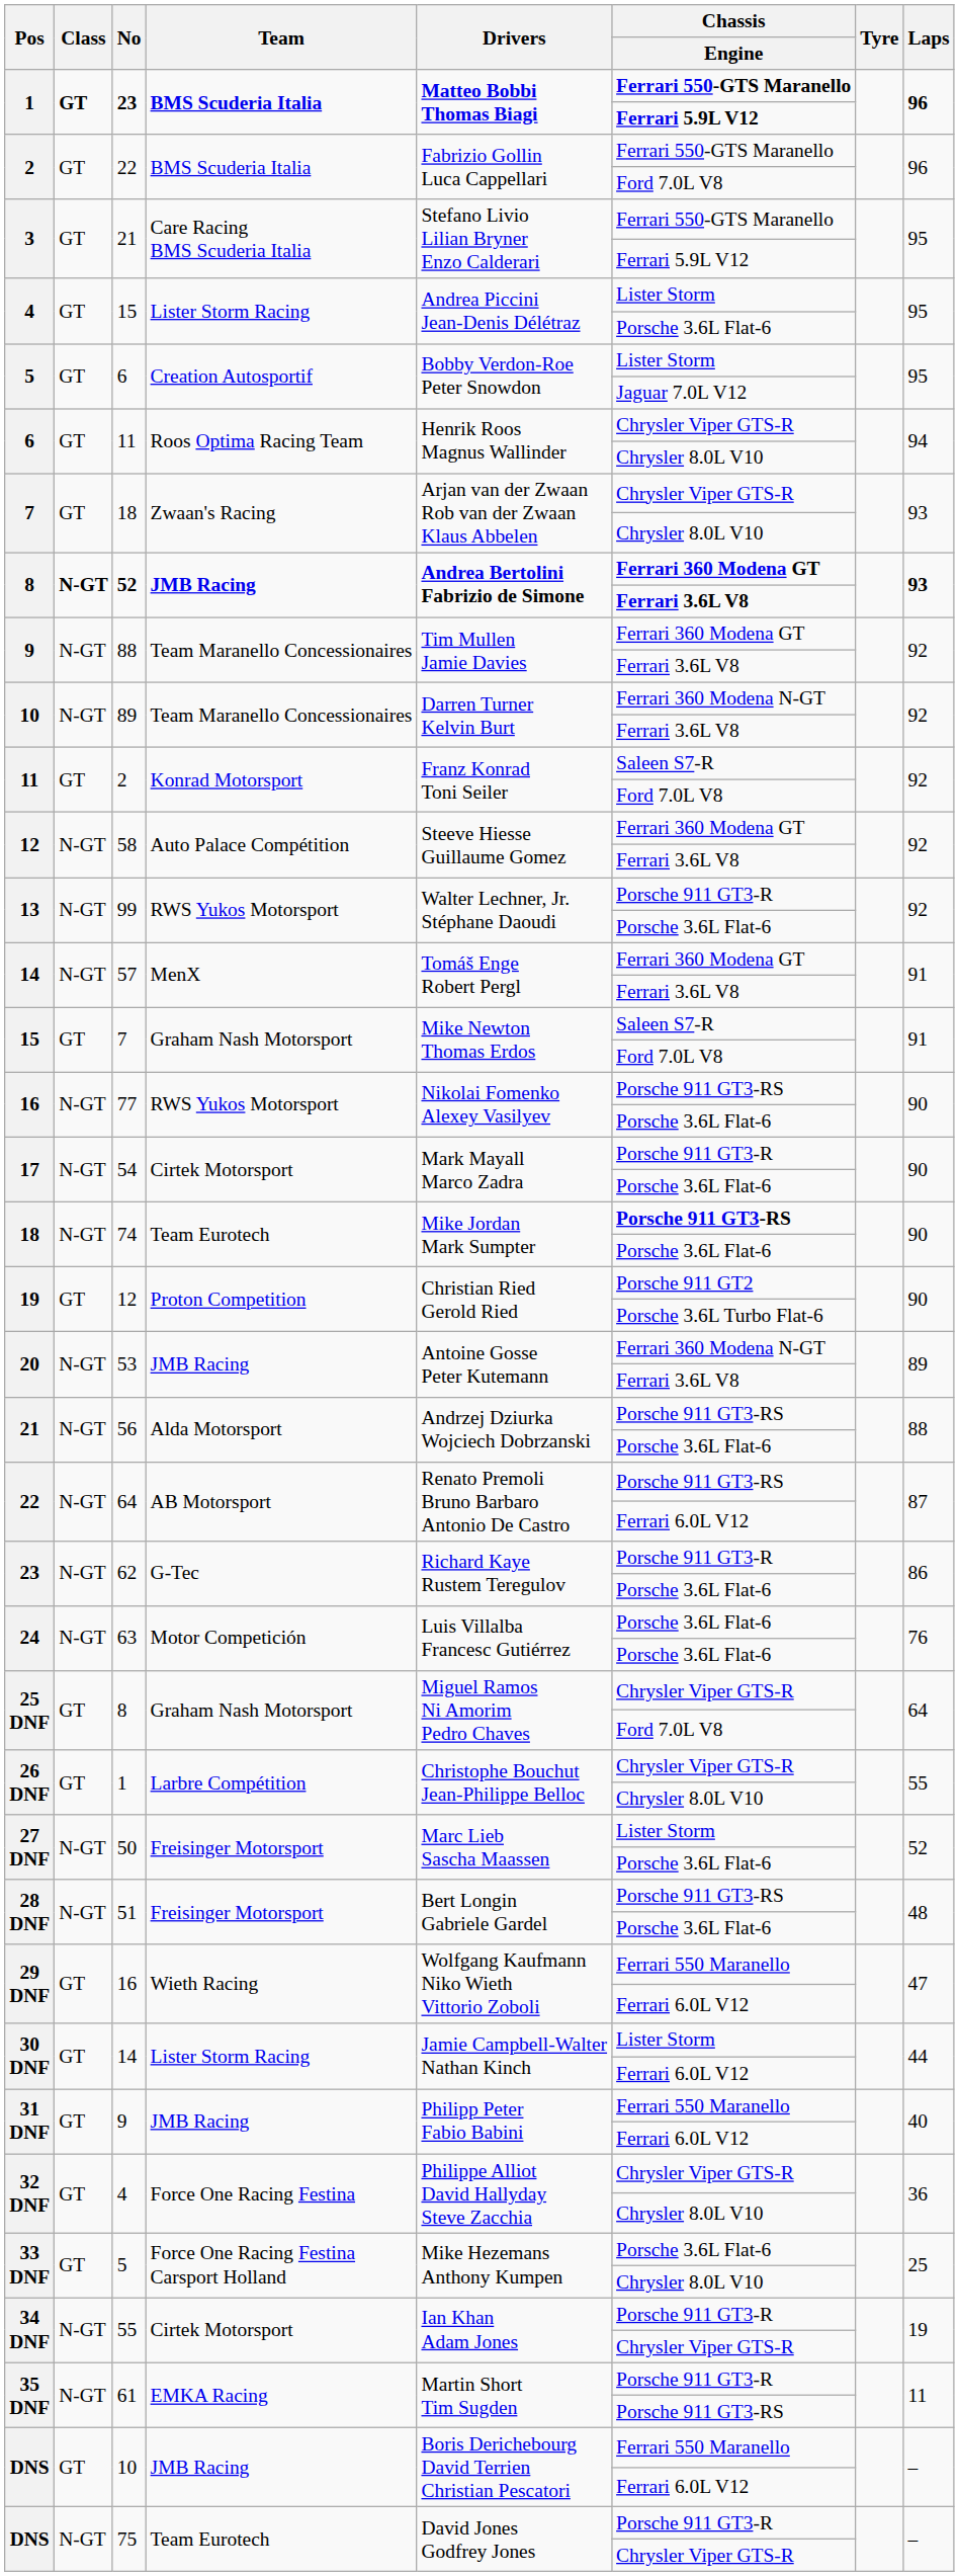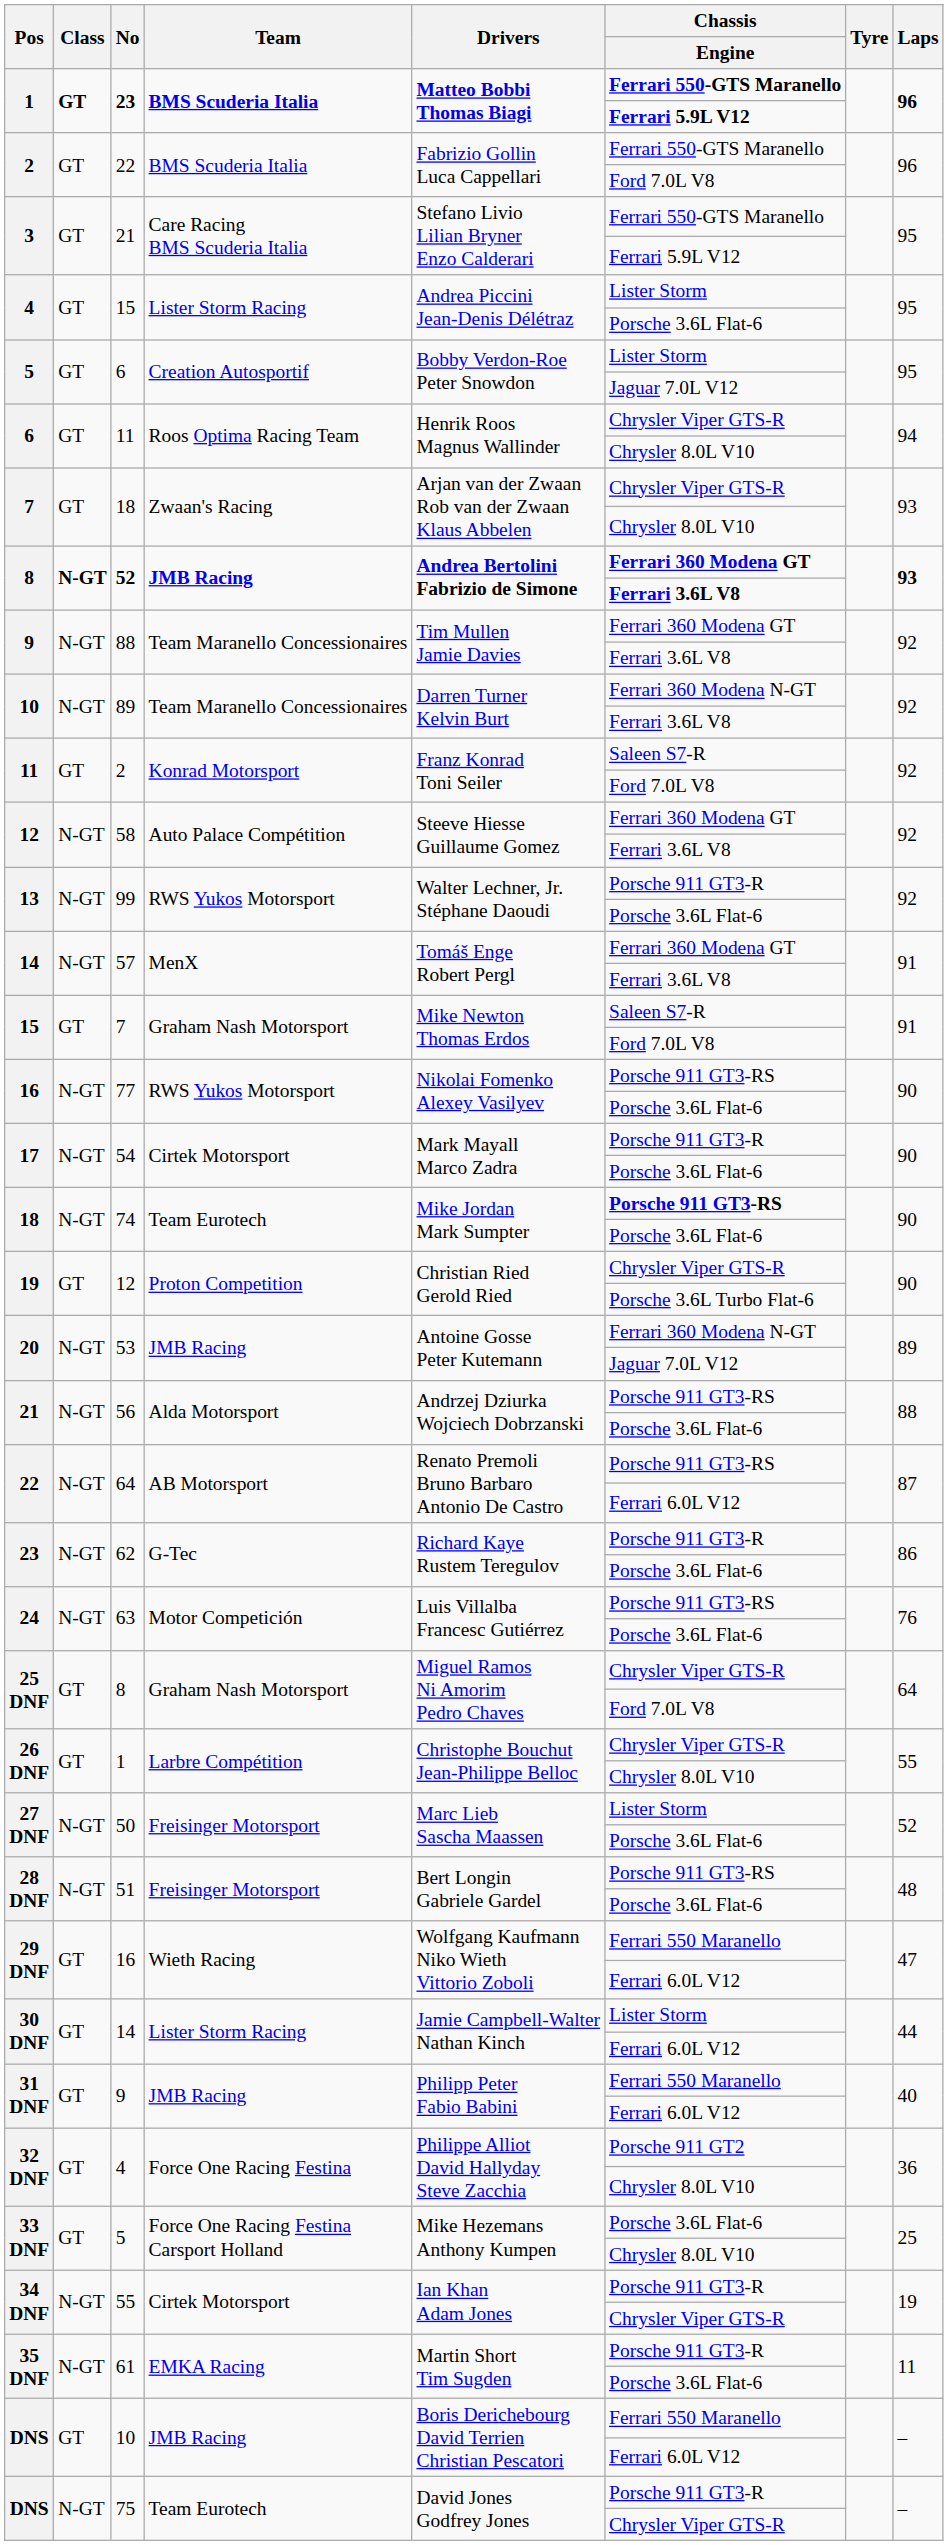 <table class="wikitable" style="font-size: 95%;">
 <tr>
 <th rowspan=2>Pos</th>
 <th rowspan=2>Class</th>
 <th rowspan=2>No</th>
 <th rowspan=2>Team</th>
 <th rowspan=2>Drivers</th>
 <th>Chassis</th>
 <th rowspan=2>Tyre</th>
 <th rowspan=2>Laps</th>
 </tr>
 <tr>
 <th>Engine</th>
 </tr>
 <tr style="font-weight:bold">
 <th rowspan=2>1</th>
 <td rowspan=2>GT</td>
 <td rowspan=2>23</td>
 <td rowspan=2> <a href='#'>BMS Scuderia Italia</a></td>
 <td rowspan=2> <a href='#'>Matteo Bobbi</a><br> <a href='#'>Thomas Biagi</a></td>
 <td><a href='#'>Ferrari 550</a>-GTS Maranello</td>
 <td rowspan=2></td>
 <td rowspan=2>96</td>
 </tr>
 <tr style="font-weight:bold">
 <td><a href='#'>Ferrari</a> 5.9L V12</td>
 </tr>
 <tr>
 <th rowspan=2>2</th>
 <td rowspan=2>GT</td>
 <td rowspan=2>22</td>
 <td rowspan=2> <a href='#'>BMS Scuderia Italia</a></td>
 <td rowspan=2> <a href='#'>Fabrizio Gollin</a><br> Luca Cappellari</td>
 <td><a href='#'>Ferrari 550</a>-GTS Maranello</td>
 <td rowspan=2></td>
 <td rowspan=2>96</td>
 </tr>
 <tr>
 <td><a href='#'>Ford</a> 7.0L V8</td>
 </tr>
 <tr>
 <th rowspan=2>3</th>
 <td rowspan=2>GT</td>
 <td rowspan=2>21</td>
 <td rowspan=2> Care Racing<br> <a href='#'>BMS Scuderia Italia</a></td>
 <td rowspan=2> Stefano Livio<br> <a href='#'>Lilian Bryner</a><br> <a href='#'>Enzo Calderari</a></td>
 <td><a href='#'>Ferrari 550</a>-GTS Maranello</td>
 <td rowspan=2></td>
 <td rowspan=2>95</td>
 </tr>
 <tr>
 <td><a href='#'>Ferrari</a> 5.9L V12</td>
 </tr>
 <tr>
 <th rowspan=2>4</th>
 <td rowspan=2>GT</td>
 <td rowspan=2>15</td>
 <td rowspan=2> <a href='#'>Lister Storm Racing</a></td>
 <td rowspan=2> <a href='#'>Andrea Piccini</a><br> <a href='#'>Jean-Denis Délétraz</a></td>
 <td><a href='#'>Lister Storm</a></td>
 <td rowspan=2></td>
 <td rowspan=2>95</td>
 </tr>
 <tr>
 <td><a href='#'>Porsche</a> 3.6L Flat-6</td>
 </tr>
 <tr>
 <th rowspan=2>5</th>
 <td rowspan=2>GT</td>
 <td rowspan=2>6</td>
 <td rowspan=2> <a href='#'>Creation Autosportif</a></td>
 <td rowspan=2> <a href='#'>Bobby Verdon-Roe</a><br> Peter Snowdon</td>
 <td><a href='#'>Lister Storm</a></td>
 <td rowspan=2></td>
 <td rowspan=2>95</td>
 </tr>
 <tr>
 <td><a href='#'>Jaguar</a> 7.0L V12</td>
 </tr>
 <tr>
 <th rowspan=2>6</th>
 <td rowspan=2>GT</td>
 <td rowspan=2>11</td>
 <td rowspan=2> Roos <a href='#'>Optima</a> Racing Team</td>
 <td rowspan=2> Henrik Roos<br> Magnus Wallinder</td>
 <td><a href='#'>Chrysler Viper GTS-R</a></td>
 <td rowspan=2></td>
 <td rowspan=2>94</td>
 </tr>
 <tr>
 <td><a href='#'>Chrysler</a> 8.0L V10</td>
 </tr>
 <tr>
 <th rowspan=2>7</th>
 <td rowspan=2>GT</td>
 <td rowspan=2>18</td>
 <td rowspan=2> Zwaan's Racing</td>
 <td rowspan=2> Arjan van der Zwaan<br> Rob van der Zwaan<br> <a href='#'>Klaus Abbelen</a></td>
 <td><a href='#'>Chrysler Viper GTS-R</a></td>
 <td rowspan=2></td>
 <td rowspan=2>93</td>
 </tr>
 <tr>
 <td><a href='#'>Chrysler</a> 8.0L V10</td>
 </tr>
 <tr style="font-weight:bold">
 <th rowspan=2>8</th>
 <td rowspan=2>N-GT</td>
 <td rowspan=2>52</td>
 <td rowspan=2> <a href='#'>JMB Racing</a></td>
 <td rowspan=2> <a href='#'>Andrea Bertolini</a><br> Fabrizio de Simone</td>
 <td><a href='#'>Ferrari 360 Modena</a> GT</td>
 <td rowspan=2></td>
 <td rowspan=2>93</td>
 </tr>
 <tr style="font-weight:bold">
 <td><a href='#'>Ferrari</a> 3.6L V8</td>
 </tr>
 <tr>
 <th rowspan=2>9</th>
 <td rowspan=2>N-GT</td>
 <td rowspan=2>88</td>
 <td rowspan=2> Team Maranello Concessionaires</td>
 <td rowspan=2> <a href='#'>Tim Mullen</a><br> <a href='#'>Jamie Davies</a></td>
 <td><a href='#'>Ferrari 360 Modena</a> GT</td>
 <td rowspan=2></td>
 <td rowspan=2>92</td>
 </tr>
 <tr>
 <td><a href='#'>Ferrari</a> 3.6L V8</td>
 </tr>
 <tr>
 <th rowspan=2>10</th>
 <td rowspan=2>N-GT</td>
 <td rowspan=2>89</td>
 <td rowspan=2> Team Maranello Concessionaires</td>
 <td rowspan=2> <a href='#'>Darren Turner</a><br> <a href='#'>Kelvin Burt</a></td>
 <td><a href='#'>Ferrari 360 Modena</a> N-GT</td>
 <td rowspan=2></td>
 <td rowspan=2>92</td>
 </tr>
 <tr>
 <td><a href='#'>Ferrari</a> 3.6L V8</td>
 </tr>
 <tr>
 <th rowspan=2>11</th>
 <td rowspan=2>GT</td>
 <td rowspan=2>2</td>
 <td rowspan=2> <a href='#'>Konrad Motorsport</a></td>
 <td rowspan=2> <a href='#'>Franz Konrad</a><br> Toni Seiler</td>
 <td><a href='#'>Saleen S7</a>-R</td>
 <td rowspan=2></td>
 <td rowspan=2>92</td>
 </tr>
 <tr>
 <td><a href='#'>Ford</a> 7.0L V8</td>
 </tr>
 <tr>
 <th rowspan=2>12</th>
 <td rowspan=2>N-GT</td>
 <td rowspan=2>58</td>
 <td rowspan=2> Auto Palace Compétition</td>
 <td rowspan=2> Steeve Hiesse<br> Guillaume Gomez</td>
 <td><a href='#'>Ferrari 360 Modena</a> GT</td>
 <td rowspan=2></td>
 <td rowspan=2>92</td>
 </tr>
 <tr>
 <td><a href='#'>Ferrari</a> 3.6L V8</td>
 </tr>
 <tr>
 <th rowspan=2>13</th>
 <td rowspan=2>N-GT</td>
 <td rowspan=2>99</td>
 <td rowspan=2> RWS <a href='#'>Yukos</a> Motorsport</td>
 <td rowspan=2> Walter Lechner, Jr.<br> Stéphane Daoudi</td>
 <td><a href='#'>Porsche 911 GT3</a>-R</td>
 <td rowspan=2></td>
 <td rowspan=2>92</td>
 </tr>
 <tr>
 <td><a href='#'>Porsche</a> 3.6L Flat-6</td>
 </tr>
 <tr>
 <th rowspan=2>14</th>
 <td rowspan=2>N-GT</td>
 <td rowspan=2>57</td>
 <td rowspan=2> MenX</td>
 <td rowspan=2> <a href='#'>Tomáš Enge</a><br> Robert Pergl</td>
 <td><a href='#'>Ferrari 360 Modena</a> GT</td>
 <td rowspan=2></td>
 <td rowspan=2>91</td>
 </tr>
 <tr>
 <td><a href='#'>Ferrari</a> 3.6L V8</td>
 </tr>
 <tr>
 <th rowspan=2>15</th>
 <td rowspan=2>GT</td>
 <td rowspan=2>7</td>
 <td rowspan=2> Graham Nash Motorsport</td>
 <td rowspan=2> <a href='#'>Mike Newton</a><br> <a href='#'>Thomas Erdos</a></td>
 <td><a href='#'>Saleen S7</a>-R</td>
 <td rowspan=2></td>
 <td rowspan=2>91</td>
 </tr>
 <tr>
 <td><a href='#'>Ford</a> 7.0L V8</td>
 </tr>
 <tr>
 <th rowspan=2>16</th>
 <td rowspan=2>N-GT</td>
 <td rowspan=2>77</td>
 <td rowspan=2> RWS <a href='#'>Yukos</a> Motorsport</td>
 <td rowspan=2> <a href='#'>Nikolai Fomenko</a><br> <a href='#'>Alexey Vasilyev</a></td>
 <td><a href='#'>Porsche 911 GT3</a>-RS</td>
 <td rowspan=2></td>
 <td rowspan=2>90</td>
 </tr>
 <tr>
 <td><a href='#'>Porsche</a> 3.6L Flat-6</td>
 </tr>
 <tr>
 <th rowspan=2>17</th>
 <td rowspan=2>N-GT</td>
 <td rowspan=2>54</td>
 <td rowspan=2> Cirtek Motorsport</td>
 <td rowspan=2> Mark Mayall<br> Marco Zadra</td>
 <td><a href='#'>Porsche 911 GT3</a>-R</td>
 <td rowspan=2></td>
 <td rowspan=2>90</td>
 </tr>
 <tr>
 <td><a href='#'>Porsche</a> 3.6L Flat-6</td>
 </tr>
 <tr>
 <th rowspan=2>18</th>
 <td rowspan=2>N-GT</td>
 <td rowspan=2>74</td>
 <td rowspan=2> Team Eurotech</td>
 <td rowspan=2> <a href='#'>Mike Jordan</a><br> Mark Sumpter</td>
 <td><strong><a href='#'>Porsche 911 GT3</a>-RS</strong></td>
 <td rowspan=2></td>
 <td rowspan=2>90</td>
 </tr>
 <tr>
 <td><a href='#'>Porsche</a> 3.6L Flat-6</td>
 </tr>
 <tr>
 <th rowspan=2>19</th>
 <td rowspan=2>GT</td>
 <td rowspan=2>12</td>
 <td rowspan=2> <a href='#'>Proton Competition</a></td>
 <td rowspan=2> Christian Ried<br> Gerold Ried</td>
-<td><a href='#'>Porsche 911 GT2</a></td>
+<td><a href='#'>Chrysler Viper GTS-R</a></td>
 <td rowspan=2></td>
 <td rowspan=2>90</td>
 </tr>
 <tr>
 <td><a href='#'>Porsche</a> 3.6L Turbo Flat-6</td>
 </tr>
 <tr>
 <th rowspan=2>20</th>
 <td rowspan=2>N-GT</td>
 <td rowspan=2>53</td>
 <td rowspan=2> <a href='#'>JMB Racing</a></td>
 <td rowspan=2> Antoine Gosse<br> Peter Kutemann</td>
 <td><a href='#'>Ferrari 360 Modena</a> N-GT</td>
 <td rowspan=2></td>
 <td rowspan=2>89</td>
 </tr>
 <tr>
-<td><a href='#'>Ferrari</a> 3.6L V8</td>
+<td><a href='#'>Jaguar</a> 7.0L V12</td>
 </tr>
 <tr>
 <th rowspan=2>21</th>
 <td rowspan=2>N-GT</td>
 <td rowspan=2>56</td>
 <td rowspan=2> Alda Motorsport</td>
 <td rowspan=2> Andrzej Dziurka<br> Wojciech Dobrzanski</td>
 <td><a href='#'>Porsche 911 GT3</a>-RS</td>
 <td rowspan=2></td>
 <td rowspan=2>88</td>
 </tr>
 <tr>
 <td><a href='#'>Porsche</a> 3.6L Flat-6</td>
 </tr>
 <tr>
 <th rowspan=2>22</th>
 <td rowspan=2>N-GT</td>
 <td rowspan=2>64</td>
 <td rowspan=2> AB Motorsport</td>
 <td rowspan=2> Renato Premoli<br> Bruno Barbaro<br> Antonio De Castro</td>
 <td><a href='#'>Porsche 911 GT3</a>-RS</td>
 <td rowspan=2></td>
 <td rowspan=2>87</td>
 </tr>
 <tr>
 <td><a href='#'>Ferrari</a> 6.0L V12</td>
 </tr>
 <tr>
 <th rowspan=2>23</th>
 <td rowspan=2>N-GT</td>
 <td rowspan=2>62</td>
 <td rowspan=2> G-Tec</td>
 <td rowspan=2> <a href='#'>Richard Kaye</a><br> Rustem Teregulov</td>
 <td><a href='#'>Porsche 911 GT3</a>-R</td>
 <td rowspan=2></td>
 <td rowspan=2>86</td>
 </tr>
 <tr>
 <td><a href='#'>Porsche</a> 3.6L Flat-6</td>
 </tr>
 <tr>
 <th rowspan=2>24</th>
 <td rowspan=2>N-GT</td>
 <td rowspan=2>63</td>
 <td rowspan=2> Motor Competición</td>
 <td rowspan=2> Luis Villalba<br> Francesc Gutiérrez</td>
-<td><a href='#'>Porsche</a> 3.6L Flat-6</td>
+<td><a href='#'>Porsche 911 GT3</a>-RS</td>
 <td rowspan=2></td>
 <td rowspan=2>76</td>
 </tr>
 <tr>
 <td><a href='#'>Porsche</a> 3.6L Flat-6</td>
 </tr>
 <tr>
 <th rowspan=2>25<br>DNF</th>
 <td rowspan=2>GT</td>
 <td rowspan=2>8</td>
 <td rowspan=2> Graham Nash Motorsport</td>
 <td rowspan=2> <a href='#'>Miguel Ramos</a><br> <a href='#'>Ni Amorim</a><br> <a href='#'>Pedro Chaves</a></td>
 <td><a href='#'>Chrysler Viper GTS-R</a></td>
 <td rowspan=2></td>
 <td rowspan=2>64</td>
 </tr>
 <tr>
 <td><a href='#'>Ford</a> 7.0L V8</td>
 </tr>
 <tr>
 <th rowspan=2>26<br>DNF</th>
 <td rowspan=2>GT</td>
 <td rowspan=2>1</td>
 <td rowspan=2> <a href='#'>Larbre Compétition</a></td>
 <td rowspan=2> <a href='#'>Christophe Bouchut</a><br> <a href='#'>Jean-Philippe Belloc</a></td>
 <td><a href='#'>Chrysler Viper GTS-R</a></td>
 <td rowspan=2></td>
 <td rowspan=2>55</td>
 </tr>
 <tr>
 <td><a href='#'>Chrysler</a> 8.0L V10</td>
 </tr>
 <tr>
 <th rowspan=2>27<br>DNF</th>
 <td rowspan=2>N-GT</td>
 <td rowspan=2>50</td>
 <td rowspan=2> <a href='#'>Freisinger Motorsport</a></td>
 <td rowspan=2> <a href='#'>Marc Lieb</a><br> <a href='#'>Sascha Maassen</a></td>
 <td><a href='#'>Lister Storm</a></td>
 <td rowspan=2></td>
 <td rowspan=2>52</td>
 </tr>
 <tr>
 <td><a href='#'>Porsche</a> 3.6L Flat-6</td>
 </tr>
 <tr>
 <th rowspan=2>28<br>DNF</th>
 <td rowspan=2>N-GT</td>
 <td rowspan=2>51</td>
 <td rowspan=2> <a href='#'>Freisinger Motorsport</a></td>
 <td rowspan=2> Bert Longin<br> Gabriele Gardel</td>
 <td><a href='#'>Porsche 911 GT3</a>-RS</td>
 <td rowspan=2></td>
 <td rowspan=2>48</td>
 </tr>
 <tr>
 <td><a href='#'>Porsche</a> 3.6L Flat-6</td>
 </tr>
 <tr>
 <th rowspan=2>29<br>DNF</th>
 <td rowspan=2>GT</td>
 <td rowspan=2>16</td>
 <td rowspan=2> Wieth Racing</td>
 <td rowspan=2> Wolfgang Kaufmann<br> Niko Wieth<br> <a href='#'>Vittorio Zoboli</a></td>
 <td><a href='#'>Ferrari 550 Maranello</a></td>
 <td rowspan=2></td>
 <td rowspan=2>47</td>
 </tr>
 <tr>
 <td><a href='#'>Ferrari</a> 6.0L V12</td>
 </tr>
 <tr>
 <th rowspan=2>30<br>DNF</th>
 <td rowspan=2>GT</td>
 <td rowspan=2>14</td>
 <td rowspan=2> <a href='#'>Lister Storm Racing</a></td>
 <td rowspan=2> <a href='#'>Jamie Campbell-Walter</a><br> Nathan Kinch</td>
 <td><a href='#'>Lister Storm</a></td>
 <td rowspan=2></td>
 <td rowspan=2>44</td>
 </tr>
 <tr>
 <td><a href='#'>Ferrari</a> 6.0L V12</td>
 </tr>
 <tr>
 <th rowspan=2>31<br>DNF</th>
 <td rowspan=2>GT</td>
 <td rowspan=2>9</td>
 <td rowspan=2> <a href='#'>JMB Racing</a></td>
 <td rowspan=2> <a href='#'>Philipp Peter</a><br> <a href='#'>Fabio Babini</a></td>
 <td><a href='#'>Ferrari 550 Maranello</a></td>
 <td rowspan=2></td>
 <td rowspan=2>40</td>
 </tr>
 <tr>
 <td><a href='#'>Ferrari</a> 6.0L V12</td>
 </tr>
 <tr>
 <th rowspan=2>32<br>DNF</th>
 <td rowspan=2>GT</td>
 <td rowspan=2>4</td>
 <td rowspan=2> Force One Racing <a href='#'>Festina</a></td>
 <td rowspan=2> <a href='#'>Philippe Alliot</a><br> <a href='#'>David Hallyday</a><br> <a href='#'>Steve Zacchia</a></td>
-<td><a href='#'>Chrysler Viper GTS-R</a></td>
+<td><a href='#'>Porsche 911 GT2</a></td>
 <td rowspan=2></td>
 <td rowspan=2>36</td>
 </tr>
 <tr>
 <td><a href='#'>Chrysler</a> 8.0L V10</td>
 </tr>
 <tr>
 <th rowspan=2>33<br>DNF</th>
 <td rowspan=2>GT</td>
 <td rowspan=2>5</td>
 <td rowspan=2> Force One Racing <a href='#'>Festina</a><br> Carsport Holland</td>
 <td rowspan=2> Mike Hezemans<br> Anthony Kumpen</td>
 <td><a href='#'>Porsche</a> 3.6L Flat-6</td>
 <td rowspan=2></td>
 <td rowspan=2>25</td>
 </tr>
 <tr>
 <td><a href='#'>Chrysler</a> 8.0L V10</td>
 </tr>
 <tr>
 <th rowspan=2>34<br>DNF</th>
 <td rowspan=2>N-GT</td>
 <td rowspan=2>55</td>
 <td rowspan=2> Cirtek Motorsport</td>
 <td rowspan=2> <a href='#'>Ian Khan</a><br> <a href='#'>Adam Jones</a></td>
 <td><a href='#'>Porsche 911 GT3</a>-R</td>
 <td rowspan=2></td>
 <td rowspan=2>19</td>
 </tr>
 <tr>
 <td><a href='#'>Chrysler Viper GTS-R</a></td>
 </tr>
 <tr>
 <th rowspan=2>35<br>DNF</th>
 <td rowspan=2>N-GT</td>
 <td rowspan=2>61</td>
 <td rowspan=2> <a href='#'>EMKA Racing</a></td>
 <td rowspan=2> Martin Short<br> <a href='#'>Tim Sugden</a></td>
 <td><a href='#'>Porsche 911 GT3</a>-R</td>
 <td rowspan=2></td>
 <td rowspan=2>11</td>
 </tr>
 <tr>
-<td><a href='#'>Porsche 911 GT3</a>-RS</td>
+<td><a href='#'>Porsche</a> 3.6L Flat-6</td>
 </tr>
 <tr>
 <th rowspan=2>DNS</th>
 <td rowspan=2>GT</td>
 <td rowspan=2>10</td>
 <td rowspan=2> <a href='#'>JMB Racing</a></td>
 <td rowspan=2> <a href='#'>Boris Derichebourg</a><br> <a href='#'>David Terrien</a><br> <a href='#'>Christian Pescatori</a></td>
 <td><a href='#'>Ferrari 550 Maranello</a></td>
 <td rowspan=2></td>
 <td rowspan=2>–</td>
 </tr>
 <tr>
 <td><a href='#'>Ferrari</a> 6.0L V12</td>
 </tr>
 <tr>
 <th rowspan=2>DNS</th>
 <td rowspan=2>N-GT</td>
 <td rowspan=2>75</td>
 <td rowspan=2> Team Eurotech</td>
 <td rowspan=2> David Jones<br> Godfrey Jones</td>
 <td><a href='#'>Porsche 911 GT3</a>-R</td>
 <td rowspan=2></td>
 <td rowspan=2>–</td>
 </tr>
 <tr>
 <td><a href='#'>Chrysler Viper GTS-R</a></td>
 </tr>
 </table>
